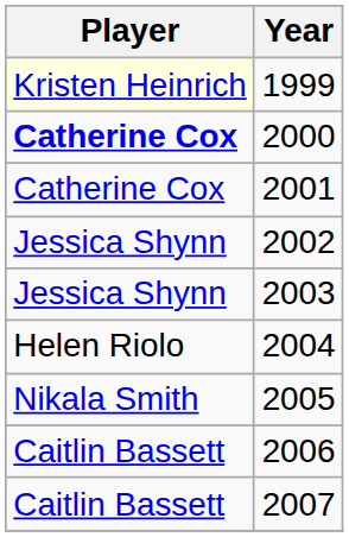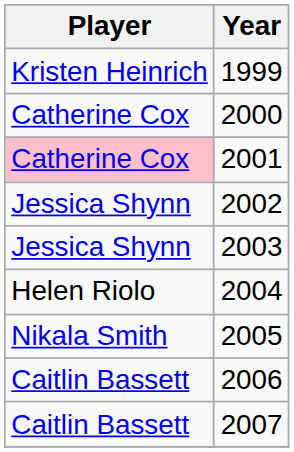 <table class="wikitable collapsible">
 <tr>
 <th>Player</th>
 <th>Year</th>
 </tr>
 <tr>
-<td style="background: lightyellow;"><a href='#'>Kristen Heinrich</a></td>
+<td><a href='#'>Kristen Heinrich</a></td>
 <td>1999</td>
 </tr>
 <tr>
-<td><strong><a href='#'>Catherine Cox</a></strong></td>
+<td><a href='#'>Catherine Cox</a></td>
 <td>2000</td>
 </tr>
 <tr>
-<td><a href='#'>Catherine Cox</a></td>
+<td style="background: pink;"><a href='#'>Catherine Cox</a></td>
 <td>2001</td>
 </tr>
 <tr>
 <td><a href='#'>Jessica Shynn</a></td>
 <td>2002</td>
 </tr>
 <tr>
 <td><a href='#'>Jessica Shynn</a></td>
 <td>2003</td>
 </tr>
 <tr>
 <td>Helen Riolo</td>
 <td>2004</td>
 </tr>
 <tr>
 <td><a href='#'>Nikala Smith</a></td>
 <td>2005</td>
 </tr>
 <tr>
 <td><a href='#'>Caitlin Bassett</a></td>
 <td>2006</td>
 </tr>
 <tr>
 <td><a href='#'>Caitlin Bassett</a></td>
 <td>2007</td>
 </tr>
 <tr>
 </tr>
 </table>
